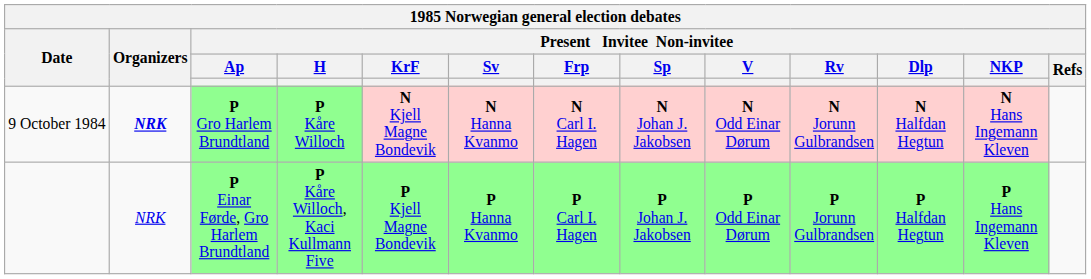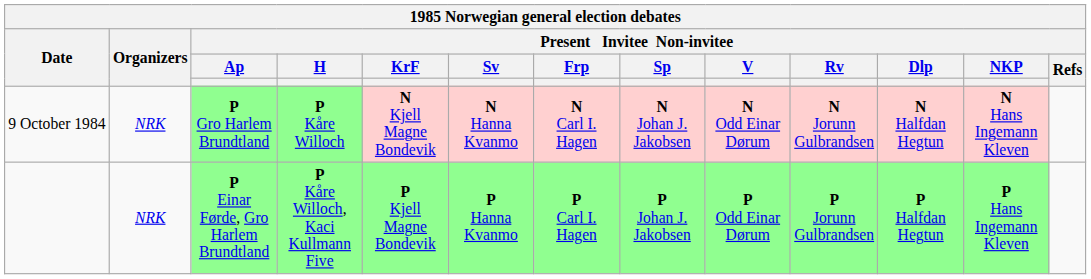 <table class="wikitable" style="font-size:85%; line-height:15px; text-align:center;">
 <tr>
 <th colspan="14">1985 Norwegian general election debates</th>
 </tr>
 <tr>
 <th rowspan="3">Date</th>
 <th rowspan="3">Organizers</th>
 <th colspan="11"> Present    Invitee  Non-invitee </th>
 </tr>
 <tr>
 <th scope="col" style="width:5em;"><a href='#'>Ap</a></th>
 <th scope="col" style="width:5em;"><a href='#'>H</a></th>
 <th scope="col" style="width:5em;"><a href='#'>KrF</a></th>
 <th scope="col" style="width:5em;"><a href='#'>Sv</a></th>
 <th scope="col" style="width:5em;"><a href='#'>Frp</a></th>
 <th scope="col" style="width:5em;"><a href='#'>Sp</a></th>
 <th scope="col" style="width:5em;"><a href='#'>V</a></th>
 <th scope="col" style="width:5em;"><a href='#'>Rv</a></th>
 <th scope="col" style="width:5em;"><a href='#'>Dlp</a></th>
 <th scope="col" style="width:5em;"><a href='#'>NKP</a></th>
 <th rowspan="2">Refs</th>
 </tr>
 <tr>
 <th style="background:"></th>
 <th style="background:"></th>
 <th style="background:"></th>
 <th style="background:"></th>
 <th style="background:"></th>
 <th style="background:"></th>
 <th style="background:"></th>
 <th style="background:"></th>
 <th style="background:"></th>
 <th style="background:"></th>
 </tr>
 <tr>
 <td>9 October 1984</td>
-<td><strong><em><a href='#'>NRK</a></em></strong></td>
+<td><em><a href='#'>NRK</a></em></td>
 <td style="background:#90FF90"><strong>P</strong><br><a href='#'>Gro Harlem Brundtland</a></td>
 <td style="background:#90FF90"><strong>P</strong><br><a href='#'>Kåre Willoch</a></td>
 <td style="background:#FFD0D0"><strong>N</strong><br><a href='#'>Kjell Magne Bondevik</a></td>
 <td style="background:#FFD0D0"><strong>N</strong><br><a href='#'>Hanna Kvanmo</a></td>
 <td style="background:#FFD0D0"><strong>N</strong><br><a href='#'>Carl I. Hagen</a></td>
 <td style="background:#FFD0D0"><strong>N</strong><br><a href='#'>Johan J. Jakobsen</a></td>
 <td style="background:#FFD0D0"><strong>N</strong><br><a href='#'>Odd Einar Dørum</a></td>
 <td style="background:#FFD0D0"><strong>N</strong><br><a href='#'>Jorunn Gulbrandsen</a></td>
 <td style="background:#FFD0D0"><strong>N</strong><br><a href='#'>Halfdan Hegtun</a></td>
 <td style="background:#FFD0D0"><strong>N</strong><br><a href='#'>Hans Ingemann Kleven</a></td>
 <td></td>
 </tr>
 <tr>
 <td></td>
 <td><em><a href='#'>NRK</a></em></td>
 <td style="background:#90FF90"><strong>P</strong><br><a href='#'>Einar Førde</a>, <a href='#'>Gro Harlem Brundtland</a></td>
 <td style="background:#90FF90"><strong>P</strong><br><a href='#'>Kåre Willoch</a>, <a href='#'>Kaci Kullmann Five</a></td>
 <td style="background:#90FF90"><strong>P</strong><br><a href='#'>Kjell Magne Bondevik</a></td>
 <td style="background:#90FF90"><strong>P</strong><br><a href='#'>Hanna Kvanmo</a></td>
 <td style="background:#90FF90"><strong>P</strong><br><a href='#'>Carl I. Hagen</a></td>
 <td style="background:#90FF90"><strong>P</strong><br><a href='#'>Johan J. Jakobsen</a></td>
 <td style="background:#90FF90"><strong>P</strong><br><a href='#'>Odd Einar Dørum</a></td>
 <td style="background:#90FF90"><strong>P</strong><br><a href='#'>Jorunn Gulbrandsen</a></td>
 <td style="background:#90FF90"><strong>P</strong><br><a href='#'>Halfdan Hegtun</a></td>
 <td style="background:#90FF90"><strong>P</strong><br><a href='#'>Hans Ingemann Kleven</a></td>
 <td></td>
 </tr>
 </table>
